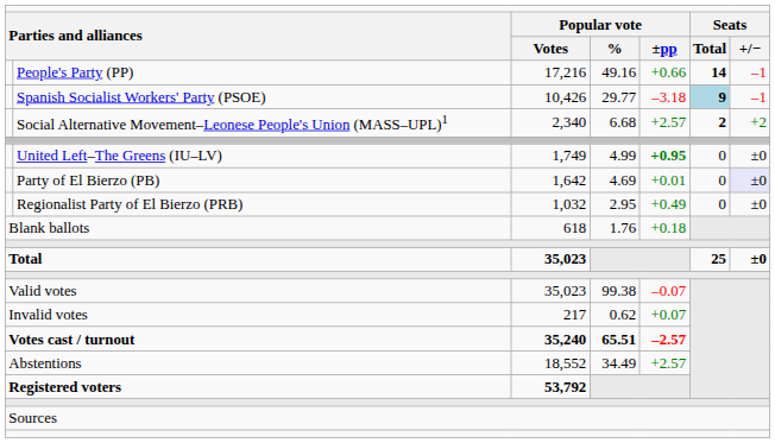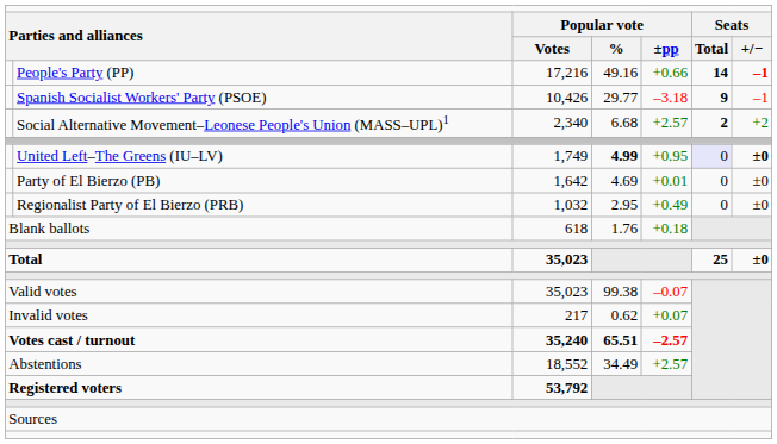 <table class="wikitable" style="text-align:right;">
 <tr>
 <td colspan="7"></td>
 </tr>
 <tr>
 <th style="text-align:left;" rowspan="2" colspan="2" width="525">Parties and alliances</th>
 <th colspan="3">Popular vote</th>
 <th colspan="2">Seats</th>
 </tr>
 <tr>
 <th width="75">Votes</th>
 <th width="45">%</th>
 <th width="45">±<a href='#'>pp</a></th>
 <th width="35">Total</th>
 <th width="35">+/−</th>
 </tr>
 <tr>
 <td width="1" style="color:inherit;background:"></td>
 <td align="left"><a href='#'>People's Party</a> (PP)</td>
 <td>17,216</td>
 <td>49.16</td>
 <td style="color:green;">+0.66</td>
 <td><strong>14</strong></td>
-<td style="color:red;">–1</td>
+<td style="color:red;"><strong>–1</strong></td>
 </tr>
 <tr>
 <td style="color:inherit;background:"></td>
 <td align="left"><a href='#'>Spanish Socialist Workers' Party</a> (PSOE)</td>
 <td>10,426</td>
 <td>29.77</td>
 <td style="color:red;">–3.18</td>
-<td style="background: lightblue;"><strong>9</strong></td>
+<td><strong>9</strong></td>
 <td style="color:red;">–1</td>
 </tr>
 <tr>
 <td style="color:inherit;background:"></td>
 <td align="left">Social Alternative Movement–<a href='#'>Leonese People's Union</a> (MASS–UPL)<sup>1</sup></td>
 <td>2,340</td>
 <td>6.68</td>
 <td style="color:green;">+2.57</td>
 <td><strong>2</strong></td>
 <td style="color:green;">+2</td>
 </tr>
 <tr>
 <td colspan="7" bgcolor="#C0C0C0"></td>
 </tr>
 <tr>
 <td style="color:inherit;background:"></td>
 <td align="left"><a href='#'>United Left</a>–<a href='#'>The Greens</a> (IU–LV)</td>
 <td>1,749</td>
-<td>4.99</td>
-<td style="color:green;"><strong>+0.95</strong></td>
-<td>0</td>
-<td>±0</td>
+<td><strong>4.99</strong></td>
+<td style="color:green;">+0.95</td>
+<td style="background: lavender;">0</td>
+<td><strong>±0</strong></td>
 </tr>
 <tr>
 <td style="color:inherit;background:"></td>
 <td align="left">Party of El Bierzo (PB)</td>
 <td>1,642</td>
 <td>4.69</td>
 <td style="color:green;">+0.01</td>
 <td>0</td>
-<td style="background: lavender;">±0</td>
+<td>±0</td>
 </tr>
 <tr>
 <td style="color:inherit;background:"></td>
 <td align="left">Regionalist Party of El Bierzo (PRB)</td>
 <td>1,032</td>
 <td>2.95</td>
 <td style="color:green;">+0.49</td>
 <td>0</td>
 <td>±0</td>
 </tr>
 <tr>
 <td align="left" colspan="2">Blank ballots</td>
 <td>618</td>
 <td>1.76</td>
 <td style="color:green;">+0.18</td>
 <td bgcolor="#E9E9E9" colspan="2"></td>
 </tr>
 <tr>
 <td colspan="7" bgcolor="#E9E9E9"></td>
 </tr>
 <tr style="font-weight:bold;">
 <td align="left" colspan="2">Total</td>
 <td>35,023</td>
 <td bgcolor="#E9E9E9" colspan="2"></td>
 <td>25</td>
 <td>±0</td>
 </tr>
 <tr>
 <td colspan="7" bgcolor="#E9E9E9"></td>
 </tr>
 <tr>
 <td align="left" colspan="2">Valid votes</td>
 <td>35,023</td>
 <td>99.38</td>
 <td style="color:red;">–0.07</td>
 <td bgcolor="#E9E9E9" colspan="2" rowspan="5"></td>
 </tr>
 <tr>
 <td align="left" colspan="2">Invalid votes</td>
 <td>217</td>
 <td>0.62</td>
 <td style="color:green;">+0.07</td>
 </tr>
 <tr style="font-weight:bold;">
 <td align="left" colspan="2">Votes cast / turnout</td>
 <td>35,240</td>
 <td>65.51</td>
 <td style="color:red;">–2.57</td>
 </tr>
 <tr>
 <td align="left" colspan="2">Abstentions</td>
 <td>18,552</td>
 <td>34.49</td>
 <td style="color:green;">+2.57</td>
 </tr>
 <tr style="font-weight:bold;">
 <td align="left" colspan="2">Registered voters</td>
 <td>53,792</td>
 <td bgcolor="#E9E9E9" colspan="2"></td>
 </tr>
 <tr>
 <td colspan="7" bgcolor="#E9E9E9"></td>
 </tr>
 <tr>
 <td align="left" colspan="7">Sources</td>
 </tr>
 <tr>
 <td colspan="7" style="text-align:left; max-width:790px;"></td>
 </tr>
 </table>
